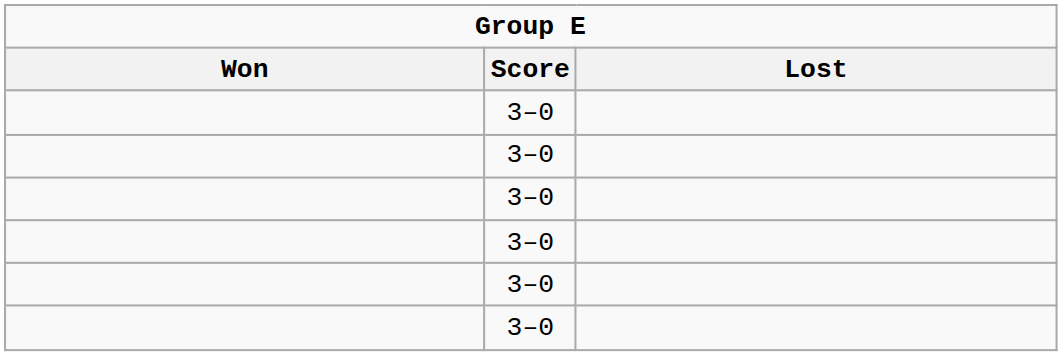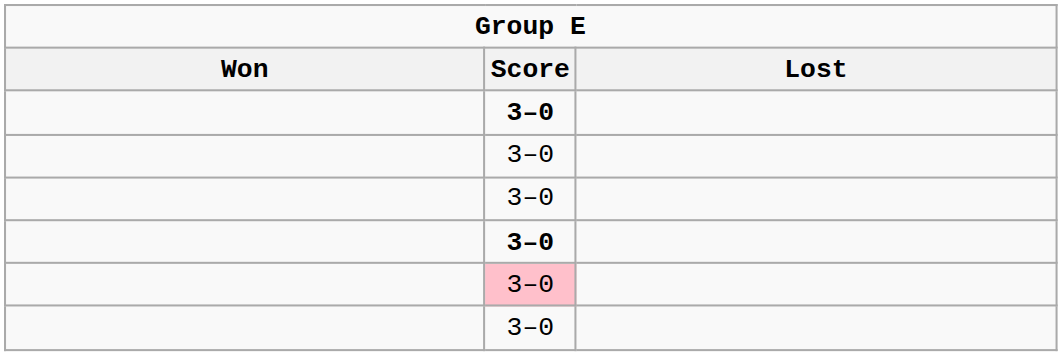 <table class="wikitable" style="text-align: center;">
 <tr>
 <td colspan="3"><strong>Group E</strong></td>
 </tr>
 <tr>
 <th scope="col" style="width: 230px;">Won</th>
 <th scope="col" style="width: 30px;">Score</th>
 <th scope="col" style="width: 230px;">Lost</th>
 </tr>
 <tr>
 <td></td>
-<td>3–0</td>
+<td><strong>3–0</strong></td>
 <td></td>
 </tr>
 <tr>
 <td></td>
 <td>3–0</td>
 <td></td>
 </tr>
 <tr>
 <td></td>
 <td>3–0</td>
 <td></td>
 </tr>
 <tr>
 <td></td>
-<td>3–0</td>
+<td><strong>3–0</strong></td>
 <td></td>
 </tr>
 <tr>
 <td></td>
-<td>3–0</td>
+<td style="background: pink;">3–0</td>
 <td></td>
 </tr>
 <tr>
 <td></td>
 <td>3–0</td>
 <td></td>
 </tr>
 </table>
